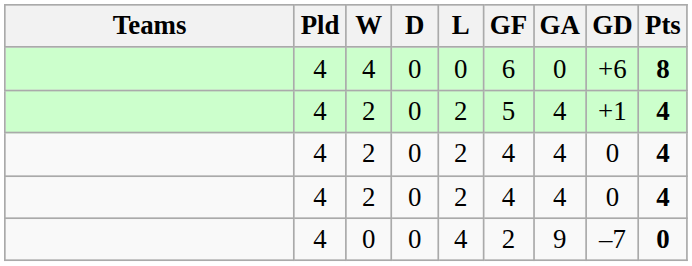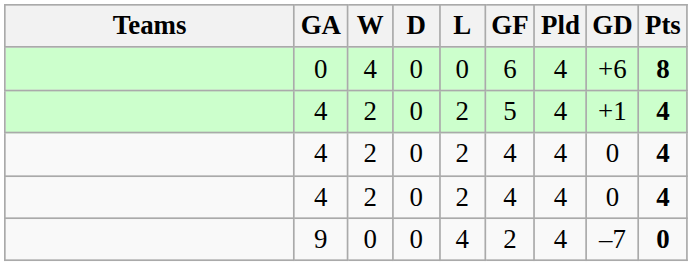 <table class="wikitable" style="text-align: center;">
 <tr>
 <th width=165>Teams</th>
-<th width=20>Pld</th>
+<th width=20>GA</th>
 <th width=20>W</th>
 <th width=20>D</th>
 <th width=20>L</th>
 <th width=20>GF</th>
-<th width=20>GA</th>
+<th width=20>Pld</th>
 <th width=20>GD</th>
 <th width=20>Pts</th>
 </tr>
 <tr align=center style="background:#ccffcc;">
 <td style="text-align:left;"></td>
-<td>4</td>
+<td>0</td>
 <td>4</td>
 <td>0</td>
 <td>0</td>
 <td>6</td>
-<td>0</td>
+<td>4</td>
 <td>+6</td>
 <td><strong>8</strong></td>
 </tr>
 <tr align=center style="background:#ccffcc;">
 <td style="text-align:left;"></td>
 <td>4</td>
 <td>2</td>
 <td>0</td>
 <td>2</td>
 <td>5</td>
 <td>4</td>
 <td>+1</td>
 <td><strong>4</strong></td>
 </tr>
 <tr align=center>
 <td style="text-align:left;"></td>
 <td>4</td>
 <td>2</td>
 <td>0</td>
 <td>2</td>
 <td>4</td>
 <td>4</td>
 <td>0</td>
 <td><strong>4</strong></td>
 </tr>
 <tr align=center>
 <td style="text-align:left;"></td>
 <td>4</td>
 <td>2</td>
 <td>0</td>
 <td>2</td>
 <td>4</td>
 <td>4</td>
 <td>0</td>
 <td><strong>4</strong></td>
 </tr>
 <tr align=center>
 <td style="text-align:left;"></td>
-<td>4</td>
+<td>9</td>
 <td>0</td>
 <td>0</td>
 <td>4</td>
 <td>2</td>
-<td>9</td>
+<td>4</td>
 <td>–7</td>
 <td><strong>0</strong></td>
 </tr>
 </table>
